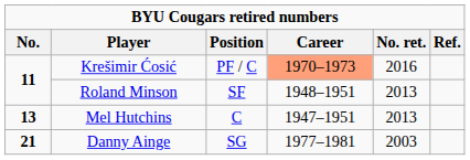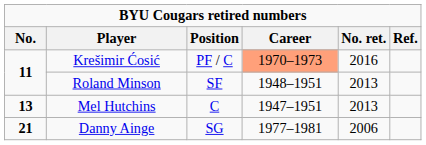 <table class="wikitable sortable" style="text-align:center">
 <tr>
 <td colspan=6><strong>BYU Cougars retired numbers</strong></td>
 </tr>
 <tr>
 <th width=40px>No.</th>
 <th width=150px>Player</th>
 <th width=40px>Position</th>
 <th width=100px>Career</th>
 <th width=px>No. ret.</th>
 <th width=px>Ref.</th>
 </tr>
 <tr>
 <td rowspan=2><strong>11</strong></td>
 <td><a href='#'>Krešimir Ćosić</a></td>
 <td><a href='#'>PF</a> / <a href='#'>C</a></td>
 <td style="background: lightsalmon;">1970–1973</td>
 <td>2016</td>
 <td></td>
 </tr>
 <tr>
 <td><a href='#'>Roland Minson</a></td>
 <td><a href='#'>SF</a></td>
 <td>1948–1951</td>
 <td>2013</td>
 <td></td>
 </tr>
 <tr>
 <td><strong>13</strong></td>
 <td><a href='#'>Mel Hutchins</a></td>
 <td><a href='#'>C</a></td>
 <td>1947–1951</td>
 <td>2013</td>
 <td></td>
 </tr>
 <tr>
 <td><strong>21</strong></td>
 <td><a href='#'>Danny Ainge</a></td>
 <td><a href='#'>SG</a></td>
 <td>1977–1981</td>
-<td>2003</td>
+<td>2006</td>
 <td></td>
 </tr>
 </table>
